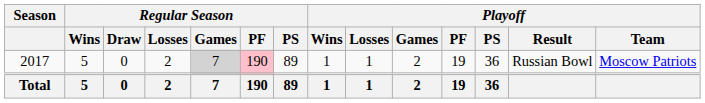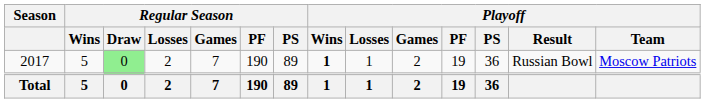 <table class="wikitable" style="text-align: center;" align=center style="font-size: 95%;">
 <tr>
 <th width=60>Season</th>
 <th colspan="6"><em>Regular Season</em></th>
 <th colspan="7"><em>Playoff</em></th>
 </tr>
 <tr>
 <th> </th>
 <th width=30>Wins</th>
 <th width=30>Draw</th>
 <th width=30>Losses</th>
 <th width=30>Games</th>
 <th width=30>PF</th>
 <th width=30>PS</th>
 <th width=30>Wins</th>
 <th width=30>Losses</th>
 <th width=30>Games</th>
 <th width=30>PF</th>
 <th width=30>PS</th>
 <th>Result</th>
 <th>Team</th>
 </tr>
 <tr align=center>
 <td>2017</td>
 <td>5</td>
-<td>0</td>
+<td style="background: lightgreen;">0</td>
 <td>2</td>
-<td style="background: lightgrey;">7</td>
-<td style="background: pink;">190</td>
+<td>7</td>
+<td>190</td>
 <td>89</td>
-<td>1</td>
+<td><strong>1</strong></td>
 <td>1</td>
 <td>2</td>
 <td>19</td>
 <td>36</td>
 <td>Russian Bowl</td>
 <td><a href='#'>Moscow Patriots</a></td>
 </tr>
 <tr style="border-top-style:double">
 <th>Total</th>
 <th>5</th>
 <th>0</th>
 <th>2</th>
 <th>7</th>
 <th>190</th>
 <th>89</th>
 <th>1</th>
 <th>1</th>
 <th>2</th>
 <th>19</th>
 <th>36</th>
 <th></th>
 <th></th>
 </tr>
 </table>
